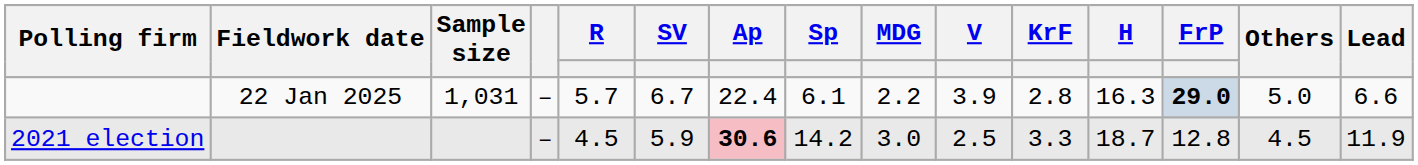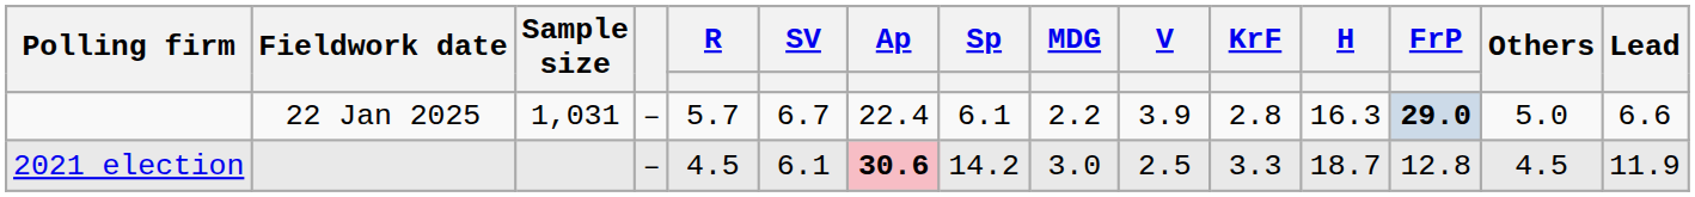 <table class="wikitable sortable mw-datatable" style="text-align:center;font-size:90%;line-height:14px;">
 <tr>
 <th rowspan="2">Polling firm</th>
 <th rowspan="2">Fieldwork date</th>
 <th rowspan="2">Sample<br>size</th>
 <th rowspan="2"></th>
 <th class="unsortable" style="width:30px;"><a href='#'>R</a></th>
 <th class="unsortable" style="width:30px;"><a href='#'>SV</a></th>
 <th class="unsortable" style="width:30px;"><a href='#'>Ap</a></th>
 <th class="unsortable" style="width:30px;"><a href='#'>Sp</a></th>
 <th class="unsortable" style="width:30px;"><a href='#'>MDG</a></th>
 <th class="unsortable" style="width:30px;"><a href='#'>V</a></th>
 <th class="unsortable" style="width:30px;"><a href='#'>KrF</a></th>
 <th class="unsortable" style="width:30px;"><a href='#'>H</a></th>
 <th class="unsortable" style="width:30px;"><a href='#'>FrP</a></th>
 <th rowspan="2" class="unsortable" style="width:30px;">Others</th>
 <th rowspan="2">Lead</th>
 </tr>
 <tr>
 <th style="background:"></th>
 <th style="background:"></th>
 <th style="background:"></th>
 <th style="background:"></th>
 <th style="background:"></th>
 <th style="background:"></th>
 <th style="background:"></th>
 <th style="background:"></th>
 <th style="background:"></th>
 </tr>
 <tr>
 <td></td>
 <td>22 Jan 2025</td>
 <td>1,031</td>
 <td>–</td>
 <td>5.7</td>
 <td>6.7</td>
 <td>22.4</td>
 <td>6.1</td>
 <td>2.2</td>
 <td>3.9</td>
 <td>2.8</td>
 <td>16.3</td>
 <td style="background:#ccdae8;"><strong>29.0</strong></td>
 <td>5.0</td>
 <td style="background:">6.6</td>
 </tr>
 <tr style="background:#E9E9E9;">
 <td><a href='#'>2021 election</a></td>
 <td></td>
 <td></td>
 <td>–</td>
 <td>4.5</td>
-<td>5.9</td>
+<td>6.1</td>
 <td style="background:#F7BDC5;"><strong>30.6</strong></td>
 <td>14.2</td>
 <td>3.0</td>
 <td>2.5</td>
 <td>3.3</td>
 <td>18.7</td>
 <td>12.8</td>
 <td>4.5</td>
 <td style="background:">11.9</td>
 </tr>
 </table>
